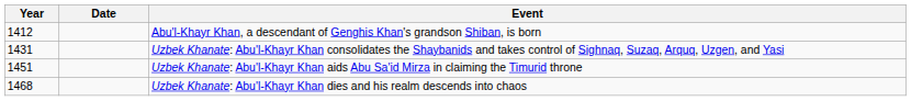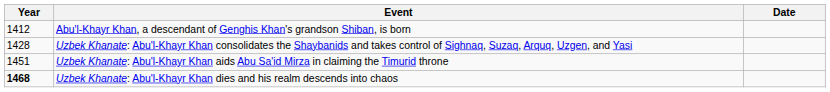 <table class="wikitable" style="width:100%;">
 <tr>
 <th style="width:6%">Year</th>
+<th>Event</th>
 <th style="width:10%">Date</th>
-<th>Event</th>
 </tr>
 <tr>
 <td>1412</td>
+<td><a href='#'>Abu'l-Khayr Khan</a>, a descendant of <a href='#'>Genghis Khan</a>'s grandson <a href='#'>Shiban</a>, is born</td>
 <td></td>
-<td><a href='#'>Abu'l-Khayr Khan</a>, a descendant of <a href='#'>Genghis Khan</a>'s grandson <a href='#'>Shiban</a>, is born</td>
 </tr>
 <tr>
-<td>1431</td>
+<td>1428</td>
+<td><em><a href='#'>Uzbek Khanate</a></em>: <a href='#'>Abu'l-Khayr Khan</a> consolidates the <a href='#'>Shaybanids</a> and takes control of <a href='#'>Sighnaq</a>, <a href='#'>Suzaq</a>, <a href='#'>Arquq</a>, <a href='#'>Uzgen</a>, and <a href='#'>Yasi</a></td>
 <td></td>
-<td><em><a href='#'>Uzbek Khanate</a></em>: <a href='#'>Abu'l-Khayr Khan</a> consolidates the <a href='#'>Shaybanids</a> and takes control of <a href='#'>Sighnaq</a>, <a href='#'>Suzaq</a>, <a href='#'>Arquq</a>, <a href='#'>Uzgen</a>, and <a href='#'>Yasi</a></td>
 </tr>
 <tr>
 <td>1451</td>
+<td><em><a href='#'>Uzbek Khanate</a></em>: <a href='#'>Abu'l-Khayr Khan</a> aids <a href='#'>Abu Sa'id Mirza</a> in claiming the <a href='#'>Timurid</a> throne</td>
 <td></td>
-<td><em><a href='#'>Uzbek Khanate</a></em>: <a href='#'>Abu'l-Khayr Khan</a> aids <a href='#'>Abu Sa'id Mirza</a> in claiming the <a href='#'>Timurid</a> throne</td>
 </tr>
 <tr>
-<td>1468</td>
+<td><strong>1468</strong></td>
+<td><em><a href='#'>Uzbek Khanate</a></em>: <a href='#'>Abu'l-Khayr Khan</a> dies and his realm descends into chaos</td>
 <td></td>
-<td><em><a href='#'>Uzbek Khanate</a></em>: <a href='#'>Abu'l-Khayr Khan</a> dies and his realm descends into chaos</td>
 </tr>
 </table>
